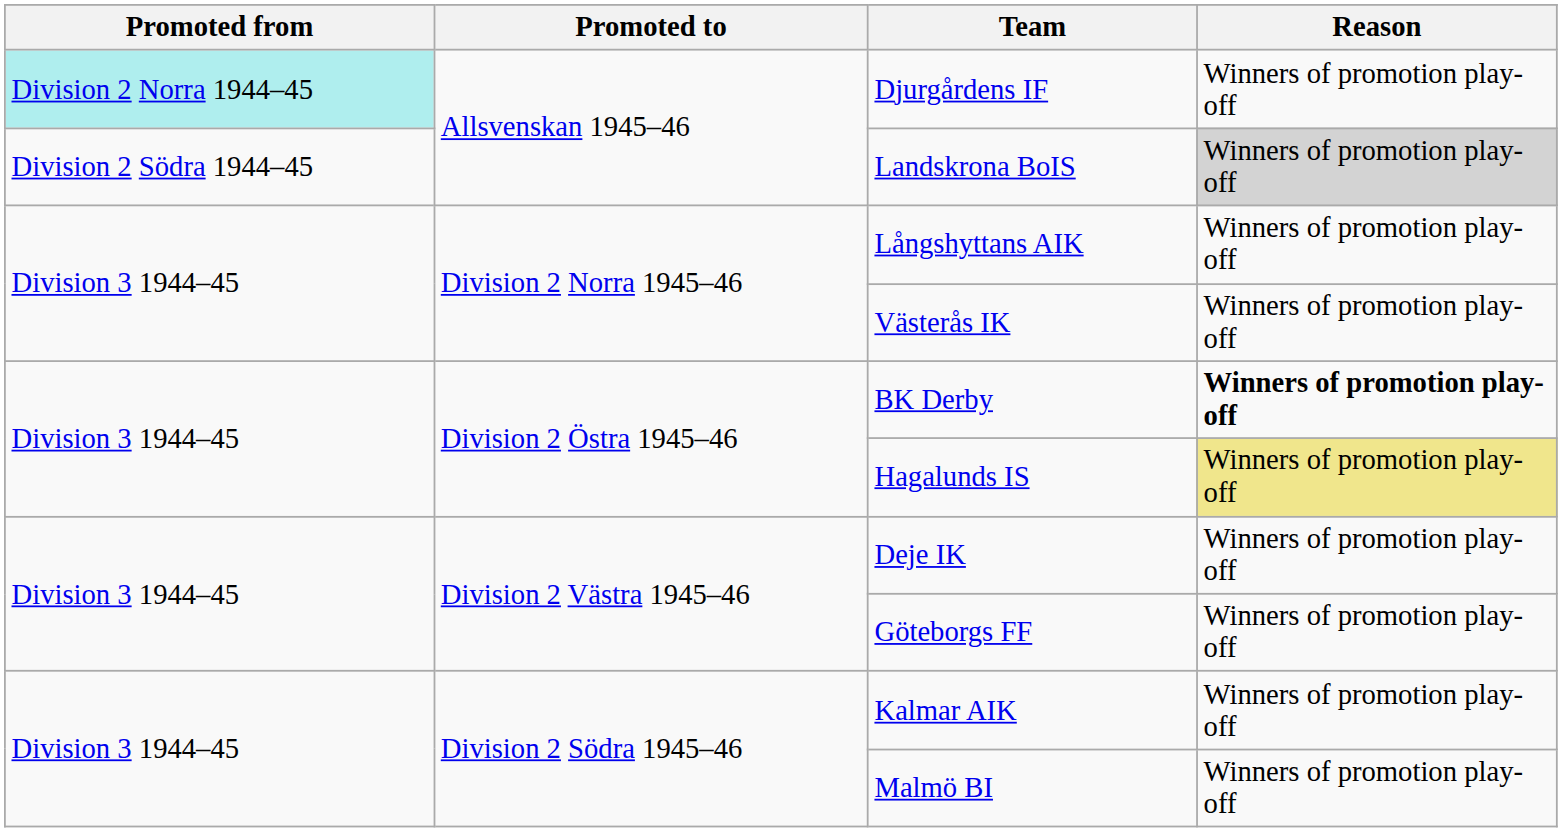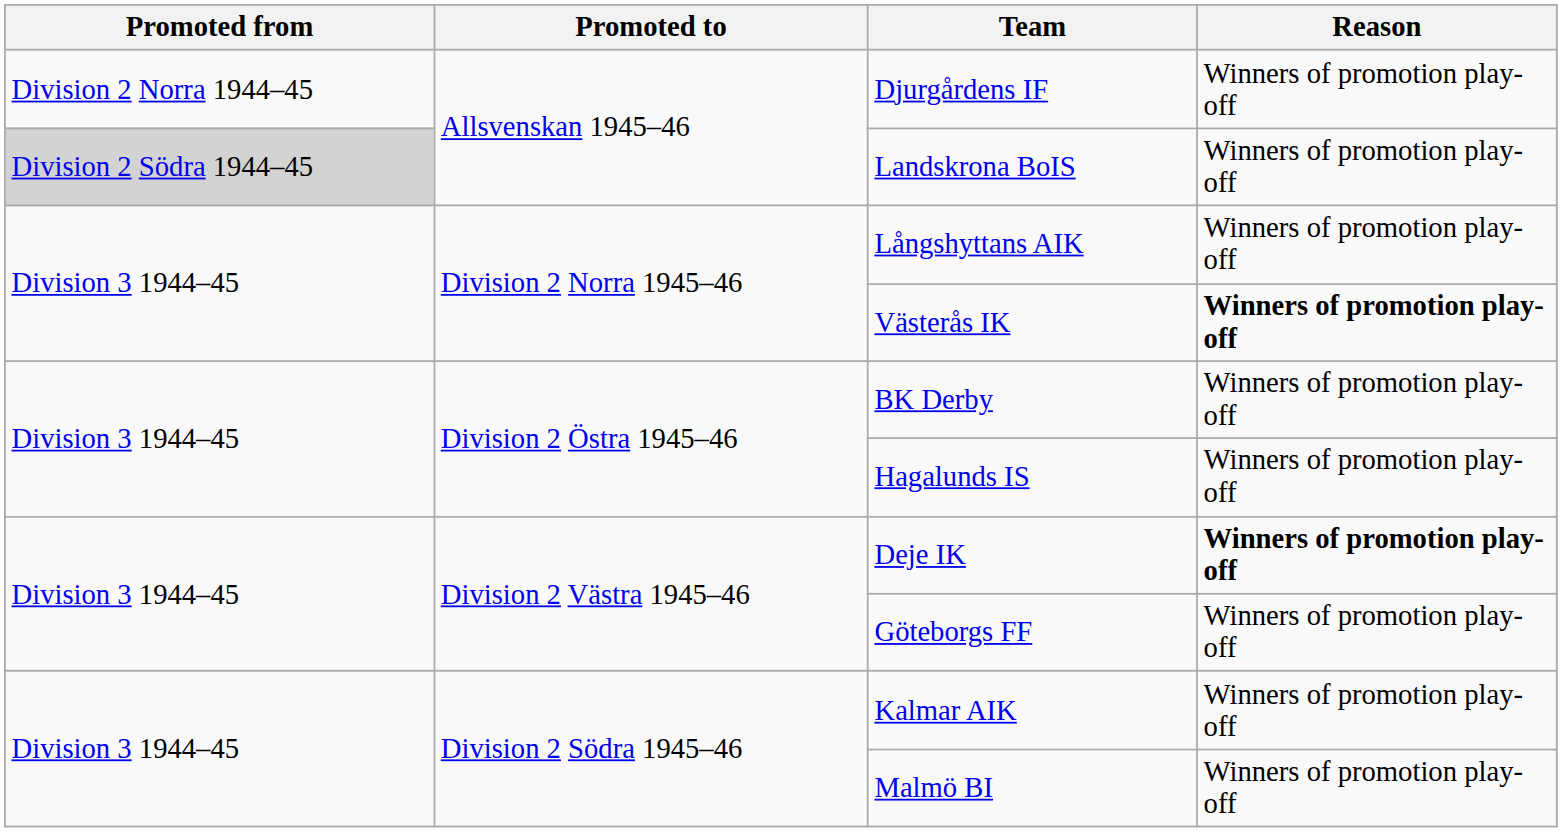 <table class="wikitable" style="text-align: left;">
 <tr>
 <th style="width: 275px;">Promoted from</th>
 <th style="width: 275px;">Promoted to</th>
 <th style="width: 200px;">Team</th>
 <th style="width: 225px;">Reason</th>
 </tr>
 <tr>
-<td style="background: paleturquoise;"><a href='#'>Division 2</a> <a href='#'>Norra</a> 1944–45</td>
+<td><a href='#'>Division 2</a> <a href='#'>Norra</a> 1944–45</td>
 <td rowspan=2><a href='#'>Allsvenskan</a> 1945–46</td>
 <td><a href='#'>Djurgårdens IF</a></td>
 <td>Winners of promotion play-off</td>
 </tr>
 <tr>
-<td><a href='#'>Division 2</a> <a href='#'>Södra</a> 1944–45</td>
+<td style="background: lightgrey;"><a href='#'>Division 2</a> <a href='#'>Södra</a> 1944–45</td>
 <td><a href='#'>Landskrona BoIS</a></td>
-<td style="background: lightgrey;">Winners of promotion play-off</td>
+<td>Winners of promotion play-off</td>
 </tr>
 <tr>
 <td rowspan=2><a href='#'>Division 3</a> 1944–45</td>
 <td rowspan=2><a href='#'>Division 2</a> <a href='#'>Norra</a> 1945–46</td>
 <td><a href='#'>Långshyttans AIK</a></td>
 <td>Winners of promotion play-off</td>
 </tr>
 <tr>
 <td><a href='#'>Västerås IK</a></td>
-<td>Winners of promotion play-off</td>
+<td><strong>Winners of promotion play-off</strong></td>
 </tr>
 <tr>
 <td rowspan=2><a href='#'>Division 3</a> 1944–45</td>
 <td rowspan=2><a href='#'>Division 2</a> <a href='#'>Östra</a> 1945–46</td>
 <td><a href='#'>BK Derby</a></td>
-<td><strong>Winners of promotion play-off</strong></td>
+<td>Winners of promotion play-off</td>
 </tr>
 <tr>
 <td><a href='#'>Hagalunds IS</a></td>
-<td style="background: khaki;">Winners of promotion play-off</td>
+<td>Winners of promotion play-off</td>
 </tr>
 <tr>
 <td rowspan=2><a href='#'>Division 3</a> 1944–45</td>
 <td rowspan=2><a href='#'>Division 2</a> <a href='#'>Västra</a> 1945–46</td>
 <td><a href='#'>Deje IK</a></td>
-<td>Winners of promotion play-off</td>
+<td><strong>Winners of promotion play-off</strong></td>
 </tr>
 <tr>
 <td><a href='#'>Göteborgs FF</a></td>
 <td>Winners of promotion play-off</td>
 </tr>
 <tr>
 <td rowspan=2><a href='#'>Division 3</a> 1944–45</td>
 <td rowspan=2><a href='#'>Division 2</a> <a href='#'>Södra</a> 1945–46</td>
 <td><a href='#'>Kalmar AIK</a></td>
 <td>Winners of promotion play-off</td>
 </tr>
 <tr>
 <td><a href='#'>Malmö BI</a></td>
 <td>Winners of promotion play-off</td>
 </tr>
 </table>
